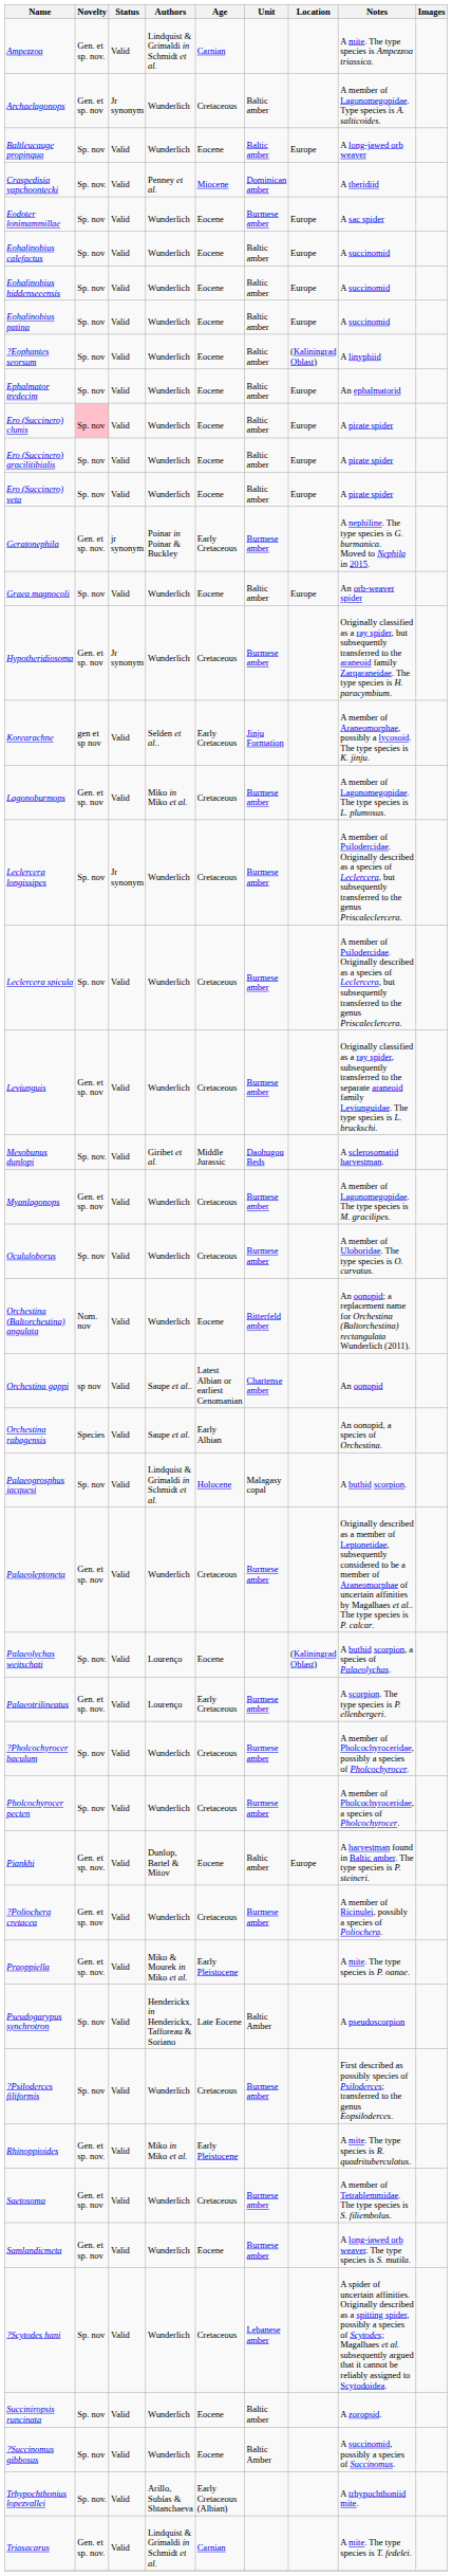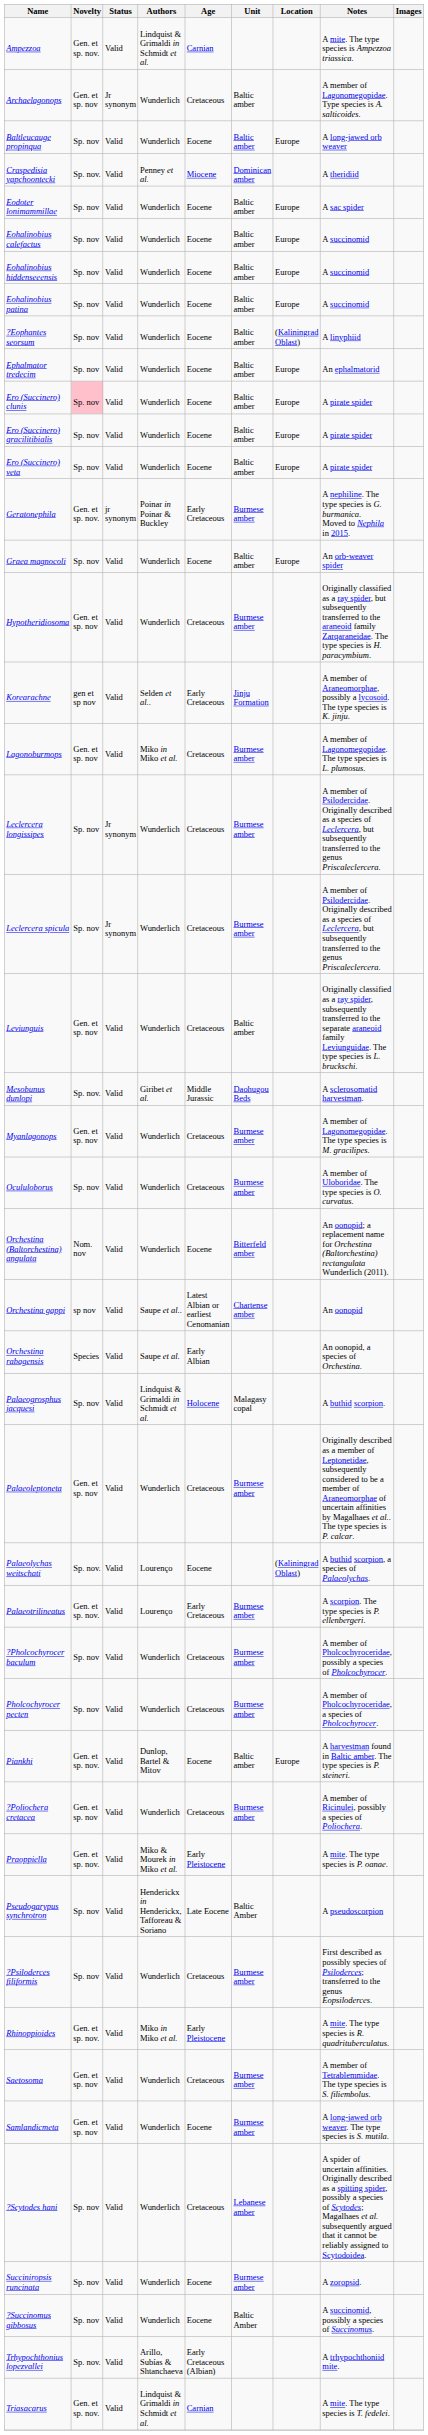 <table class="wikitable sortable" align="center" width="80%">
 <tr>
 <th>Name</th>
 <th>Novelty</th>
 <th>Status</th>
 <th>Authors</th>
 <th>Age</th>
 <th>Unit</th>
 <th>Location</th>
 <th>Notes</th>
 <th>Images</th>
 </tr>
 <tr>
 <td><br><em><a href='#'>Ampezzoa</a></em></td>
 <td><br>Gen. et sp. nov.</td>
 <td><br>Valid</td>
 <td><br>Lindquist & Grimaldi <em>in</em> Schmidt <em>et al.</em></td>
 <td><br><a href='#'>Carnian</a></td>
 <td></td>
 <td><br></td>
 <td><br>A <a href='#'>mite</a>. The type species is <em>Ampezzoa triassica</em>.</td>
 <td></td>
 </tr>
 <tr>
 <td><br><em><a href='#'>Archaelagonops</a></em></td>
 <td><br>Gen. et sp. nov</td>
 <td><br>Jr synonym</td>
 <td><br>Wunderlich</td>
 <td><br>Cretaceous</td>
 <td><br>Baltic amber</td>
 <td><br></td>
 <td><br>A member of <a href='#'>Lagonomegopidae</a>. Type species is <em>A. salticoides</em>.</td>
 <td></td>
 </tr>
 <tr>
 <td><br><em><a href='#'>Baltleucauge propinqua</a></em></td>
 <td><br>Sp. nov</td>
 <td><br>Valid</td>
 <td><br>Wunderlich</td>
 <td><br>Eocene</td>
 <td><br><a href='#'>Baltic amber</a></td>
 <td><br>Europe</td>
 <td><br>A <a href='#'>long-jawed orb weaver</a></td>
 <td></td>
 </tr>
 <tr>
 <td><br><em><a href='#'>Craspedisia yapchoontecki</a></em></td>
 <td><br>Sp. nov.</td>
 <td><br>Valid</td>
 <td><br>Penney <em>et al.</em></td>
 <td><br><a href='#'>Miocene</a></td>
 <td><br><a href='#'>Dominican amber</a></td>
 <td><br></td>
 <td><br>A <a href='#'>theridiid</a></td>
 <td></td>
 </tr>
 <tr>
 <td><br><em><a href='#'>Eodoter lonimammillae</a></em></td>
 <td><br>Sp. nov</td>
 <td><br>Valid</td>
 <td><br>Wunderlich</td>
 <td><br>Eocene</td>
-<td><br><a href='#'>Burmese amber</a></td>
+<td><br>Baltic amber</td>
 <td><br>Europe</td>
 <td><br>A <a href='#'>sac spider</a></td>
 <td></td>
 </tr>
 <tr>
 <td><br><em><a href='#'>Eohalinobius calefactus</a></em></td>
 <td><br>Sp. nov</td>
 <td><br>Valid</td>
 <td><br>Wunderlich</td>
 <td><br>Eocene</td>
 <td><br>Baltic amber</td>
 <td><br>Europe</td>
 <td><br>A <a href='#'>succinomid</a></td>
 <td></td>
 </tr>
 <tr>
 <td><br><em><a href='#'>Eohalinobius hiddenseeensis</a></em></td>
 <td><br>Sp. nov</td>
 <td><br>Valid</td>
 <td><br>Wunderlich</td>
 <td><br>Eocene</td>
 <td><br>Baltic amber</td>
 <td><br>Europe</td>
 <td><br>A <a href='#'>succinomid</a></td>
 <td></td>
 </tr>
 <tr>
 <td><br><em><a href='#'>Eohalinobius patina</a></em></td>
 <td><br>Sp. nov</td>
 <td><br>Valid</td>
 <td><br>Wunderlich</td>
 <td><br>Eocene</td>
 <td><br>Baltic amber</td>
 <td><br>Europe</td>
 <td><br>A <a href='#'>succinomid</a></td>
 <td></td>
 </tr>
 <tr>
 <td><br><em><a href='#'>?Eophantes seorsum</a></em></td>
 <td><br>Sp. nov</td>
 <td><br>Valid</td>
 <td><br>Wunderlich</td>
 <td><br>Eocene</td>
 <td><br>Baltic amber</td>
 <td><br> (<a href='#'>Kaliningrad Oblast</a>)</td>
 <td><br>A <a href='#'>linyphiid</a></td>
 <td></td>
 </tr>
 <tr>
 <td><br><em><a href='#'>Ephalmator tredecim</a></em></td>
 <td><br>Sp. nov</td>
 <td><br>Valid</td>
 <td><br>Wunderlich</td>
 <td><br>Eocene</td>
 <td><br>Baltic amber</td>
 <td><br>Europe</td>
 <td><br>An <a href='#'>ephalmatorid</a></td>
 <td></td>
 </tr>
 <tr>
 <td><br><em><a href='#'>Ero (Succinero) clunis</a></em></td>
 <td style="background: pink;"><br>Sp. nov</td>
 <td><br>Valid</td>
 <td><br>Wunderlich</td>
 <td><br>Eocene</td>
 <td><br>Baltic amber</td>
 <td><br>Europe</td>
 <td><br>A <a href='#'>pirate spider</a></td>
 <td></td>
 </tr>
 <tr>
 <td><br><em><a href='#'>Ero (Succinero) gracilitibialis</a></em></td>
 <td><br>Sp. nov</td>
 <td><br>Valid</td>
 <td><br>Wunderlich</td>
 <td><br>Eocene</td>
 <td><br>Baltic amber</td>
 <td><br>Europe</td>
 <td><br>A <a href='#'>pirate spider</a></td>
 <td></td>
 </tr>
 <tr>
 <td><br><em><a href='#'>Ero (Succinero) veta</a></em></td>
 <td><br>Sp. nov</td>
 <td><br>Valid</td>
 <td><br>Wunderlich</td>
 <td><br>Eocene</td>
 <td><br>Baltic amber</td>
 <td><br>Europe</td>
 <td><br>A <a href='#'>pirate spider</a></td>
 <td></td>
 </tr>
 <tr>
 <td><br><em><a href='#'>Geratonephila</a></em></td>
 <td><br>Gen. et sp. nov.</td>
 <td><br>jr synonym</td>
 <td><br>Poinar <em>in</em> Poinar & Buckley</td>
 <td><br>Early Cretaceous</td>
 <td><br><a href='#'>Burmese amber</a></td>
 <td><br></td>
 <td><br>A <a href='#'>nephiline</a>. The type species is <em>G. burmanica</em>.<br> Moved to <em><a href='#'>Nephila</a></em> in <a href='#'>2015</a>.</td>
 <td><br></td>
 </tr>
 <tr>
 <td><br><em><a href='#'>Graea magnocoli</a></em></td>
 <td><br>Sp. nov</td>
 <td><br>Valid</td>
 <td><br>Wunderlich</td>
 <td><br>Eocene</td>
 <td><br>Baltic amber</td>
 <td><br>Europe</td>
 <td><br>An <a href='#'>orb-weaver spider</a></td>
 <td></td>
 </tr>
 <tr>
 <td><br><em><a href='#'>Hypotheridiosoma</a></em></td>
 <td><br>Gen. et sp. nov</td>
-<td><br>Jr synonym</td>
+<td><br>Valid</td>
 <td><br>Wunderlich</td>
 <td><br>Cretaceous</td>
 <td><br><a href='#'>Burmese amber</a></td>
 <td><br></td>
 <td><br>Originally classified as a <a href='#'>ray spider</a>, but subsequently transferred to the <a href='#'>araneoid</a> family <a href='#'>Zarqaraneidae</a>. The type species is <em>H. paracymbium</em>.</td>
 <td></td>
 </tr>
 <tr>
 <td><br><em><a href='#'>Korearachne</a></em></td>
 <td><br>gen et sp nov</td>
 <td><br>Valid</td>
 <td><br>Selden <em>et al.</em>.</td>
 <td><br>Early Cretaceous</td>
 <td><br><a href='#'>Jinju Formation</a></td>
 <td><br></td>
 <td><br>A member of <a href='#'>Araneomorphae</a>, possibly a <a href='#'>lycosoid</a>. The type species is <em>K. jinju</em>.</td>
 <td></td>
 </tr>
 <tr>
 <td><br><em><a href='#'>Lagonoburmops</a></em></td>
 <td><br>Gen. et sp. nov</td>
 <td><br>Valid</td>
 <td><br>Miko <em>in</em> Miko <em>et al.</em></td>
 <td><br>Cretaceous</td>
 <td><br><a href='#'>Burmese amber</a></td>
 <td><br></td>
 <td><br>A member of <a href='#'>Lagonomegopidae</a>. The type species is <em>L. plumosus</em>.</td>
 <td></td>
 </tr>
 <tr>
 <td><br><em><a href='#'>Leclercera longissipes</a></em></td>
 <td><br>Sp. nov</td>
 <td><br>Jr synonym</td>
 <td><br>Wunderlich</td>
 <td><br>Cretaceous</td>
 <td><br><a href='#'>Burmese amber</a></td>
 <td><br></td>
 <td><br>A member of <a href='#'>Psilodercidae</a>. Originally described as a species of <em><a href='#'>Leclercera</a></em>, but subsequently transferred to the genus <em>Priscaleclercera</em>.</td>
 <td></td>
 </tr>
 <tr>
 <td><br><em><a href='#'>Leclercera spicula</a></em></td>
 <td><br>Sp. nov</td>
-<td><br>Valid</td>
+<td><br>Jr synonym</td>
 <td><br>Wunderlich</td>
 <td><br>Cretaceous</td>
 <td><br><a href='#'>Burmese amber</a></td>
 <td><br></td>
 <td><br>A member of <a href='#'>Psilodercidae</a>. Originally described as a species of <em><a href='#'>Leclercera</a></em>, but subsequently transferred to the genus <em>Priscaleclercera</em>.</td>
 <td></td>
 </tr>
 <tr>
 <td><br><em><a href='#'>Leviunguis</a></em></td>
 <td><br>Gen. et sp. nov</td>
 <td><br>Valid</td>
 <td><br>Wunderlich</td>
 <td><br>Cretaceous</td>
-<td><br><a href='#'>Burmese amber</a></td>
+<td><br>Baltic amber</td>
 <td><br></td>
 <td><br>Originally classified as a <a href='#'>ray spider</a>, subsequently transferred to the separate <a href='#'>araneoid</a> family <a href='#'>Leviunguidae</a>. The type species is <em>L. bruckschi</em>.</td>
 <td></td>
 </tr>
 <tr>
 <td><br><em><a href='#'>Mesobunus dunlopi</a></em></td>
 <td><br>Sp. nov.</td>
 <td><br>Valid</td>
 <td><br>Giribet <em>et al.</em></td>
 <td><br>Middle Jurassic</td>
 <td><br><a href='#'>Daohugou Beds</a></td>
 <td><br></td>
 <td><br>A <a href='#'>sclerosomatid</a> <a href='#'>harvestman</a>.</td>
 <td></td>
 </tr>
 <tr>
 <td><br><em><a href='#'>Myanlagonops</a></em></td>
 <td><br>Gen. et sp. nov</td>
 <td><br>Valid</td>
 <td><br>Wunderlich</td>
 <td><br>Cretaceous</td>
 <td><br><a href='#'>Burmese amber</a></td>
 <td><br></td>
 <td><br>A member of <a href='#'>Lagonomegopidae</a>. The type species is <em>M. gracilipes</em>.</td>
 <td></td>
 </tr>
 <tr>
 <td><br><em><a href='#'>Ocululoborus</a></em></td>
 <td><br>Sp. nov</td>
 <td><br>Valid</td>
 <td><br>Wunderlich</td>
 <td><br>Cretaceous</td>
 <td><br><a href='#'>Burmese amber</a></td>
 <td><br></td>
 <td><br>A member of <a href='#'>Uloboridae</a>. The type species is <em>O. curvatus</em>.</td>
 <td></td>
 </tr>
 <tr>
 <td><br><em><a href='#'>Orchestina (Baltorchestina) angulata</a></em></td>
 <td><br>Nom. nov</td>
 <td><br>Valid</td>
 <td><br>Wunderlich</td>
 <td><br>Eocene</td>
 <td><br><a href='#'>Bitterfeld amber</a></td>
 <td><br></td>
 <td><br>An <a href='#'>oonopid</a>; a replacement name for <em>Orchestina (Baltorchestina) rectangulata</em> Wunderlich (2011).</td>
 <td></td>
 </tr>
 <tr>
 <td><br><em><a href='#'>Orchestina gappi</a></em></td>
 <td><br>sp nov</td>
 <td><br>Valid</td>
 <td><br>Saupe <em>et al.</em>.</td>
 <td><br>Latest Albian or earliest Cenomanian</td>
 <td><br><a href='#'>Chartense amber</a></td>
 <td><br></td>
 <td><br>An <a href='#'>oonopid</a></td>
 <td></td>
 </tr>
 <tr>
 <td><br><em><a href='#'>Orchestina rabagensis</a></em></td>
 <td><br>Species</td>
 <td><br>Valid</td>
 <td><br>Saupe <em>et al.</em></td>
 <td><br>Early Albian</td>
 <td></td>
 <td><br></td>
 <td><br>An oonopid, a species of <em>Orchestina</em>.</td>
 <td></td>
 </tr>
 <tr>
 <td><br><em><a href='#'>Palaeogrosphus jacquesi</a></em></td>
 <td><br>Sp. nov</td>
 <td><br>Valid</td>
 <td><br>Lindquist & Grimaldi <em>in</em> Schmidt <em>et al.</em></td>
 <td><br><a href='#'>Holocene</a></td>
 <td><br>Malagasy copal</td>
 <td><br></td>
 <td><br>A <a href='#'>buthid</a> <a href='#'>scorpion</a>.</td>
 <td></td>
 </tr>
 <tr>
 <td><br><em><a href='#'>Palaeoleptoneta</a></em></td>
 <td><br>Gen. et sp. nov</td>
 <td><br>Valid</td>
 <td><br>Wunderlich</td>
 <td><br>Cretaceous</td>
 <td><br><a href='#'>Burmese amber</a></td>
 <td><br></td>
 <td><br>Originally described as a member of <a href='#'>Leptonetidae</a>, subsequently considered to be a member of <a href='#'>Araneomorphae</a> of uncertain affinities by Magalhaes <em>et al.</em>. The type species is <em>P. calcar</em>.</td>
 <td></td>
 </tr>
 <tr>
 <td><br><em><a href='#'>Palaeolychas weitschati</a></em></td>
 <td><br>Sp. nov.</td>
 <td><br>Valid</td>
 <td><br>Lourenço</td>
 <td><br>Eocene</td>
 <td></td>
 <td><br> (<a href='#'>Kaliningrad Oblast</a>)</td>
 <td><br>A <a href='#'>buthid</a> <a href='#'>scorpion</a>, a species of <em><a href='#'>Palaeolychas</a></em>.</td>
 <td></td>
 </tr>
 <tr>
 <td><br><em><a href='#'>Palaeotrilineatus</a></em></td>
 <td><br>Gen. et sp. nov.</td>
 <td><br>Valid</td>
 <td><br>Lourenço</td>
 <td><br>Early Cretaceous</td>
 <td><br><a href='#'>Burmese amber</a></td>
 <td><br></td>
 <td><br>A <a href='#'>scorpion</a>. The type species is <em>P. ellenbergeri</em>.</td>
 <td></td>
 </tr>
 <tr>
 <td><br><em><a href='#'>?Pholcochyrocer baculum</a></em></td>
 <td><br>Sp. nov</td>
 <td><br>Valid</td>
 <td><br>Wunderlich</td>
 <td><br>Cretaceous</td>
 <td><br><a href='#'>Burmese amber</a></td>
 <td><br></td>
 <td><br>A member of <a href='#'>Pholcochyroceridae</a>, possibly a species of <em><a href='#'>Pholcochyrocer</a></em>.</td>
 <td></td>
 </tr>
 <tr>
 <td><br><em><a href='#'>Pholcochyrocer pecten</a></em></td>
 <td><br>Sp. nov</td>
 <td><br>Valid</td>
 <td><br>Wunderlich</td>
 <td><br>Cretaceous</td>
 <td><br><a href='#'>Burmese amber</a></td>
 <td><br></td>
 <td><br>A member of <a href='#'>Pholcochyroceridae</a>, a species of <em><a href='#'>Pholcochyrocer</a></em>.</td>
 <td></td>
 </tr>
 <tr>
 <td><br><em><a href='#'>Piankhi</a></em></td>
 <td><br>Gen. et sp. nov.</td>
 <td><br>Valid</td>
 <td><br>Dunlop, Bartel & Mitov</td>
 <td><br>Eocene</td>
 <td><br>Baltic amber</td>
 <td><br>Europe</td>
 <td><br>A <a href='#'>harvestman</a> found in <a href='#'>Baltic amber</a>. The type species is <em>P. steineri</em>.</td>
 <td><br></td>
 </tr>
 <tr>
 <td><br><em><a href='#'>?Poliochera cretacea</a></em></td>
 <td><br>Gen. et sp. nov</td>
 <td><br>Valid</td>
 <td><br>Wunderlich</td>
 <td><br>Cretaceous</td>
 <td><br><a href='#'>Burmese amber</a></td>
 <td><br></td>
 <td><br>A member of <a href='#'>Ricinulei</a>, possibly a species of <em><a href='#'>Poliochera</a></em>.</td>
 <td></td>
 </tr>
 <tr>
 <td><br><em><a href='#'>Praoppiella</a></em></td>
 <td><br>Gen. et sp. nov.</td>
 <td><br>Valid</td>
 <td><br>Miko & Mourek <em>in</em> Miko <em>et al.</em></td>
 <td><br>Early <a href='#'>Pleistocene</a></td>
 <td></td>
 <td><br></td>
 <td><br>A <a href='#'>mite</a>. The type species is <em>P. oanae</em>.</td>
 <td></td>
 </tr>
 <tr>
 <td><br><em><a href='#'>Pseudogarypus synchrotron</a></em></td>
 <td><br>Sp. nov</td>
 <td><br>Valid</td>
 <td><br>Henderickx <em>in</em> Henderickx, Tafforeau & Soriano</td>
 <td><br>Late Eocene</td>
 <td><br>Baltic Amber</td>
 <td><br></td>
 <td><br>A <a href='#'>pseudoscorpion</a></td>
 <td><br></td>
 </tr>
 <tr>
 <td><br><em><a href='#'>?Psiloderces filiformis</a></em></td>
 <td><br>Sp. nov</td>
 <td><br>Valid</td>
 <td><br>Wunderlich</td>
 <td><br>Cretaceous</td>
 <td><br><a href='#'>Burmese amber</a></td>
 <td><br></td>
 <td><br>First described as possibly species of <em><a href='#'>Psiloderces</a></em>; transferred to the genus <em>Eopsiloderces</em>.</td>
 <td></td>
 </tr>
 <tr>
 <td><br><em><a href='#'>Rhinoppioides</a></em></td>
 <td><br>Gen. et sp. nov.</td>
 <td><br>Valid</td>
 <td><br>Miko <em>in</em> Miko <em>et al.</em></td>
 <td><br>Early <a href='#'>Pleistocene</a></td>
 <td></td>
 <td><br></td>
 <td><br>A <a href='#'>mite</a>. The type species is <em>R. quadrituberculatus</em>.</td>
 <td></td>
 </tr>
 <tr>
 <td><br><em><a href='#'>Saetosoma</a></em></td>
 <td><br>Gen. et sp. nov</td>
 <td><br>Valid</td>
 <td><br>Wunderlich</td>
 <td><br>Cretaceous</td>
 <td><br><a href='#'>Burmese amber</a></td>
 <td><br></td>
 <td><br>A member of <a href='#'>Tetrablemmidae</a>. The type species is <em>S. filiembolus</em>.</td>
 <td></td>
 </tr>
 <tr>
 <td><br><em><a href='#'>Samlandicmeta</a></em></td>
 <td><br>Gen. et sp. nov</td>
 <td><br>Valid</td>
 <td><br>Wunderlich</td>
 <td><br>Eocene</td>
 <td><br><a href='#'>Burmese amber</a></td>
 <td><br></td>
 <td><br>A <a href='#'>long-jawed orb weaver</a>. The type species is <em>S. mutila</em>.</td>
 <td></td>
 </tr>
 <tr>
 <td><br><em><a href='#'>?Scytodes hani</a></em></td>
 <td><br>Sp. nov</td>
 <td><br>Valid</td>
 <td><br>Wunderlich</td>
 <td><br>Cretaceous</td>
 <td><br><a href='#'>Lebanese amber</a></td>
 <td><br></td>
 <td><br>A spider of uncertain affinities. Originally described as a <a href='#'>spitting spider</a>, possibly a species of <em><a href='#'>Scytodes</a></em>; Magalhaes <em>et al.</em> subsequently argued that it cannot be reliably assigned to <a href='#'>Scytodoidea</a>.</td>
 <td></td>
 </tr>
 <tr>
 <td><br><em><a href='#'>Succiniropsis runcinata</a></em></td>
 <td><br>Sp. nov</td>
 <td><br>Valid</td>
 <td><br>Wunderlich</td>
 <td><br>Eocene</td>
-<td><br>Baltic amber</td>
+<td><br><a href='#'>Burmese amber</a></td>
 <td><br></td>
 <td><br>A <a href='#'>zoropsid</a>.</td>
 <td></td>
 </tr>
 <tr>
 <td><br><em><a href='#'>?Succinomus gibbosus</a></em></td>
 <td><br>Sp. nov</td>
 <td><br>Valid</td>
 <td><br>Wunderlich</td>
 <td><br>Eocene</td>
 <td><br>Baltic Amber</td>
 <td><br></td>
 <td><br>A <a href='#'>succinomid</a>, possibly a species of <em><a href='#'>Succinomus</a></em>.</td>
 <td></td>
 </tr>
 <tr>
 <td><br><em><a href='#'>Trhypochthonius lopezvallei</a></em></td>
 <td><br>Sp. nov.</td>
 <td><br>Valid</td>
 <td><br>Arillo, Subías & Shtanchaeva</td>
 <td><br>Early Cretaceous (Albian)</td>
 <td></td>
 <td><br></td>
 <td><br>A <a href='#'>trhypochthoniid</a> <a href='#'>mite</a>.</td>
 <td></td>
 </tr>
 <tr>
 <td><br><em><a href='#'>Triasacarus</a></em></td>
 <td><br>Gen. et sp. nov.</td>
 <td><br>Valid</td>
 <td><br>Lindquist & Grimaldi <em>in</em> Schmidt <em>et al.</em></td>
 <td><br><a href='#'>Carnian</a></td>
 <td></td>
 <td><br></td>
 <td><br>A <a href='#'>mite</a>. The type species is <em>T. fedelei</em>.</td>
 <td></td>
 </tr>
 <tr>
 </tr>
 </table>
